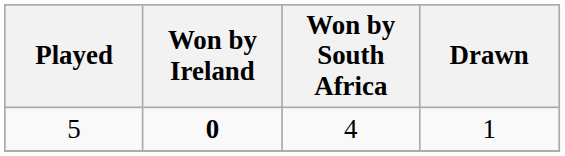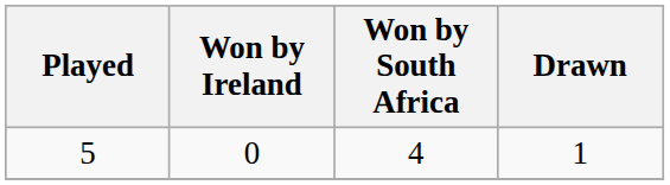 <table class="wikitable">
 <tr>
 <th width="75">Played</th>
 <th width="75">Won by<br>Ireland</th>
 <th width="75">Won by<br>South Africa</th>
 <th width="75">Drawn</th>
 </tr>
 <tr>
 <td align=center>5</td>
-<td align=center><strong>0</strong></td>
+<td align=center>0</td>
 <td align=center>4</td>
 <td align=center>1</td>
 </tr>
 <tr>
 </tr>
 </table>
